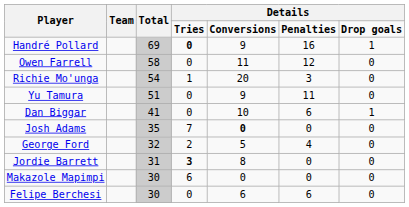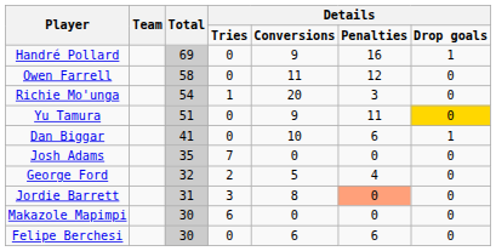 <table class="wikitable" style="text-align:center">
 <tr>
 <th rowspan="2">Player</th>
 <th rowspan="2">Team</th>
 <th rowspan="2">Total</th>
 <th colspan="4">Details</th>
 </tr>
 <tr>
 <td><strong>Tries</strong></td>
 <td><strong>Conversions</strong></td>
 <td><strong>Penalties</strong></td>
 <td><strong>Drop goals</strong></td>
 </tr>
 <tr>
 <td><a href='#'>Handré Pollard</a></td>
 <td align=left></td>
 <td style="background:#ccc">69</td>
-<td><strong>0</strong></td>
+<td>0</td>
 <td>9</td>
 <td>16</td>
 <td>1</td>
 </tr>
 <tr>
 <td><a href='#'>Owen Farrell</a></td>
 <td align=left></td>
 <td style="background:#ccc">58</td>
 <td>0</td>
 <td>11</td>
 <td>12</td>
 <td>0</td>
 </tr>
 <tr>
 <td><a href='#'>Richie Mo'unga</a></td>
 <td align=left></td>
 <td style="background:#ccc">54</td>
 <td>1</td>
 <td>20</td>
 <td>3</td>
 <td>0</td>
 </tr>
 <tr>
 <td><a href='#'>Yu Tamura</a></td>
 <td align=left></td>
 <td style="background:#ccc">51</td>
 <td>0</td>
 <td>9</td>
 <td>11</td>
-<td>0</td>
+<td style="background: gold;">0</td>
 </tr>
 <tr>
 <td><a href='#'>Dan Biggar</a></td>
 <td align=left></td>
 <td style="background:#ccc">41</td>
 <td>0</td>
 <td>10</td>
 <td>6</td>
 <td>1</td>
 </tr>
 <tr>
 <td><a href='#'>Josh Adams</a></td>
 <td align=left></td>
 <td style="background:#ccc">35</td>
 <td>7</td>
-<td><strong>0</strong></td>
+<td>0</td>
 <td>0</td>
 <td>0</td>
 </tr>
 <tr>
 <td><a href='#'>George Ford</a></td>
 <td align=left></td>
 <td style="background:#ccc">32</td>
 <td>2</td>
 <td>5</td>
 <td>4</td>
 <td>0</td>
 </tr>
 <tr>
 <td><a href='#'>Jordie Barrett</a></td>
 <td align=left></td>
 <td style="background:#ccc">31</td>
-<td><strong>3</strong></td>
+<td>3</td>
 <td>8</td>
-<td>0</td>
+<td style="background: lightsalmon;">0</td>
 <td>0</td>
 </tr>
 <tr>
 <td><a href='#'>Makazole Mapimpi</a></td>
 <td align=left></td>
 <td style="background:#ccc">30</td>
 <td>6</td>
 <td>0</td>
 <td>0</td>
 <td>0</td>
 </tr>
 <tr>
 <td><a href='#'>Felipe Berchesi</a></td>
 <td align=left></td>
 <td style="background:#ccc">30</td>
 <td>0</td>
 <td>6</td>
 <td>6</td>
 <td>0</td>
 </tr>
 </table>
